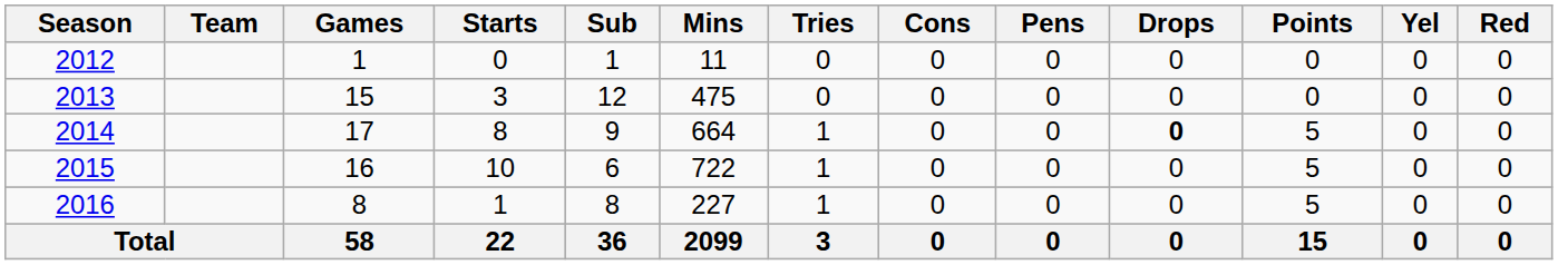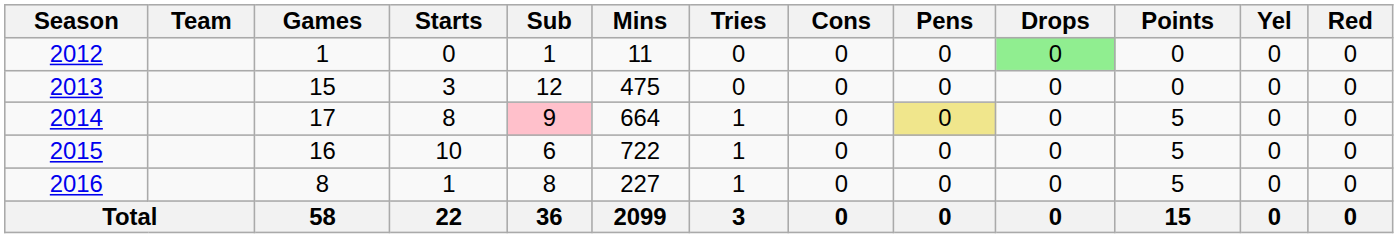 <table class="wikitable" style="text-align:center; line-height:90%; font-size:95%; width:70%;">
 <tr>
 <th>Season</th>
 <th>Team</th>
 <th>Games</th>
 <th>Starts</th>
 <th>Sub</th>
 <th>Mins</th>
 <th>Tries</th>
 <th>Cons</th>
 <th>Pens</th>
 <th>Drops</th>
 <th>Points</th>
 <th>Yel</th>
 <th>Red</th>
 </tr>
 <tr>
 <td><a href='#'>2012</a></td>
 <td></td>
 <td>1</td>
 <td>0</td>
 <td>1</td>
 <td>11</td>
 <td>0</td>
 <td>0</td>
 <td>0</td>
-<td>0</td>
+<td style="background: lightgreen;">0</td>
 <td>0</td>
 <td>0</td>
 <td>0</td>
 </tr>
 <tr>
 <td><a href='#'>2013</a></td>
 <td></td>
 <td>15</td>
 <td>3</td>
 <td>12</td>
 <td>475</td>
 <td>0</td>
 <td>0</td>
 <td>0</td>
 <td>0</td>
 <td>0</td>
 <td>0</td>
 <td>0</td>
 </tr>
 <tr>
 <td><a href='#'>2014</a></td>
 <td></td>
 <td>17</td>
 <td>8</td>
-<td>9</td>
+<td style="background: pink;">9</td>
 <td>664</td>
 <td>1</td>
 <td>0</td>
+<td style="background: khaki;">0</td>
 <td>0</td>
-<td><strong>0</strong></td>
 <td>5</td>
 <td>0</td>
 <td>0</td>
 </tr>
 <tr>
 <td><a href='#'>2015</a></td>
 <td></td>
 <td>16</td>
 <td>10</td>
 <td>6</td>
 <td>722</td>
 <td>1</td>
 <td>0</td>
 <td>0</td>
 <td>0</td>
 <td>5</td>
 <td>0</td>
 <td>0</td>
 </tr>
 <tr>
 <td><a href='#'>2016</a></td>
 <td></td>
 <td>8</td>
 <td>1</td>
 <td>8</td>
 <td>227</td>
 <td>1</td>
 <td>0</td>
 <td>0</td>
 <td>0</td>
 <td>5</td>
 <td>0</td>
 <td>0</td>
 </tr>
 <tr>
 <th colspan="2">Total</th>
 <th>58</th>
 <th>22</th>
 <th>36</th>
 <th>2099</th>
 <th>3</th>
 <th>0</th>
 <th>0</th>
 <th>0</th>
 <th>15</th>
 <th>0</th>
 <th>0</th>
 </tr>
 </table>
